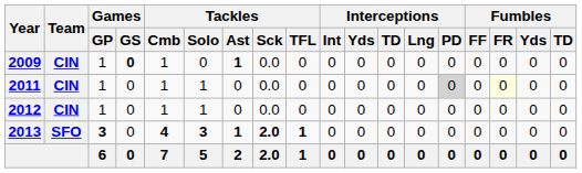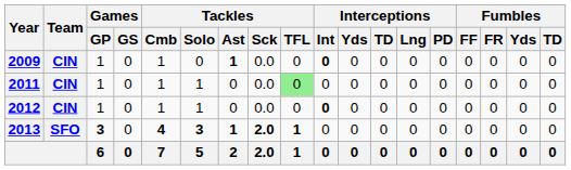 <table class="wikitable" style="text-align:center">
 <tr>
 <th rowspan="2">Year</th>
 <th rowspan="2">Team</th>
 <th colspan="2">Games</th>
 <th colspan="5">Tackles</th>
 <th colspan="5">Interceptions</th>
 <th colspan="4">Fumbles</th>
 </tr>
 <tr>
 <th>GP</th>
 <th>GS</th>
 <th>Cmb</th>
 <th>Solo</th>
 <th>Ast</th>
 <th>Sck</th>
 <th>TFL</th>
 <th>Int</th>
 <th>Yds</th>
 <th>TD</th>
 <th>Lng</th>
 <th>PD</th>
 <th>FF</th>
 <th>FR</th>
 <th>Yds</th>
 <th>TD</th>
 </tr>
 <tr>
 <th><a href='#'>2009</a></th>
 <th><a href='#'>CIN</a></th>
 <td>1</td>
-<td><strong>0</strong></td>
+<td>0</td>
 <td>1</td>
 <td>0</td>
 <td><strong>1</strong></td>
 <td>0.0</td>
 <td>0</td>
-<td>0</td>
+<td><strong>0</strong></td>
 <td>0</td>
 <td>0</td>
 <td>0</td>
 <td>0</td>
 <td>0</td>
 <td>0</td>
 <td>0</td>
 <td>0</td>
 </tr>
 <tr>
 <th><a href='#'>2011</a></th>
 <th><a href='#'>CIN</a></th>
 <td>1</td>
 <td>0</td>
 <td>1</td>
 <td>1</td>
 <td>0</td>
 <td>0.0</td>
+<td style="background: lightgreen;">0</td>
 <td>0</td>
 <td>0</td>
 <td>0</td>
 <td>0</td>
 <td>0</td>
-<td style="background: lightgrey;">0</td>
 <td>0</td>
-<td style="background: lightyellow;">0</td>
+<td>0</td>
 <td>0</td>
 <td>0</td>
 </tr>
 <tr>
 <th><a href='#'>2012</a></th>
 <th><a href='#'>CIN</a></th>
 <td>1</td>
 <td>0</td>
 <td>1</td>
 <td>1</td>
 <td>0</td>
 <td>0.0</td>
 <td>0</td>
-<td>0</td>
+<td><strong>0</strong></td>
 <td>0</td>
 <td>0</td>
 <td>0</td>
 <td>0</td>
 <td>0</td>
 <td>0</td>
 <td>0</td>
 <td>0</td>
 </tr>
 <tr>
 <th><a href='#'>2013</a></th>
 <th><a href='#'>SFO</a></th>
 <td><strong>3</strong></td>
 <td>0</td>
 <td><strong>4</strong></td>
 <td><strong>3</strong></td>
 <td><strong>1</strong></td>
 <td><strong>2.0</strong></td>
 <td><strong>1</strong></td>
 <td>0</td>
 <td>0</td>
 <td>0</td>
 <td>0</td>
 <td>0</td>
 <td>0</td>
 <td>0</td>
 <td>0</td>
 <td>0</td>
 </tr>
 <tr>
 <th colspan="2"></th>
 <th>6</th>
 <th>0</th>
 <th>7</th>
 <th>5</th>
 <th>2</th>
 <th>2.0</th>
 <th>1</th>
 <th>0</th>
 <th>0</th>
 <th>0</th>
 <th>0</th>
 <th>0</th>
 <th>0</th>
 <th>0</th>
 <th>0</th>
 <th>0</th>
 </tr>
 </table>
